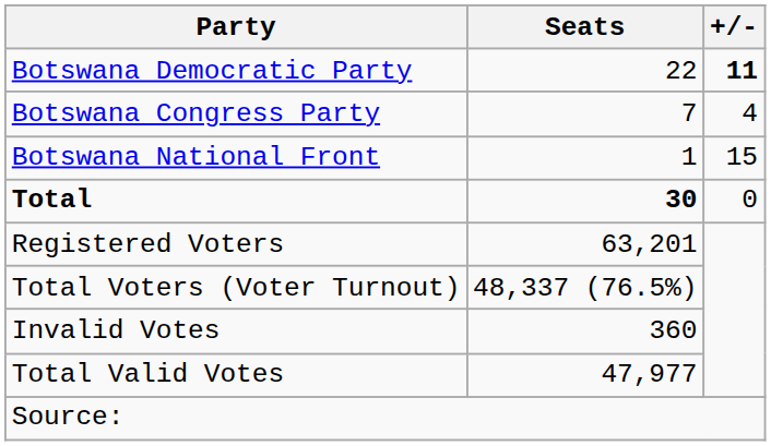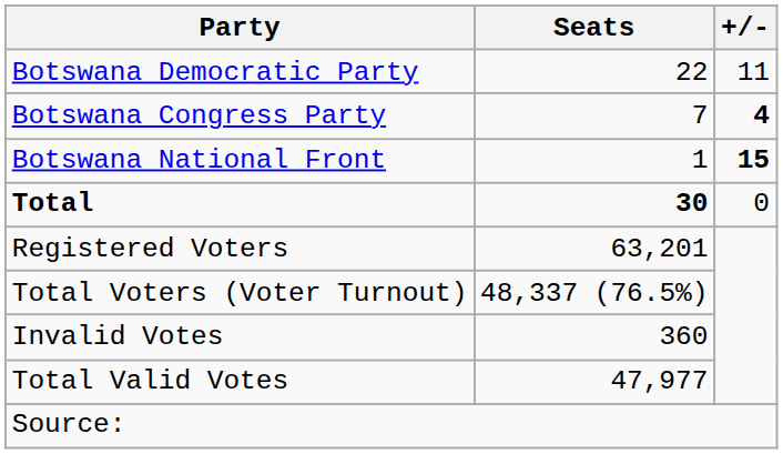 <table class=wikitable style=text-align:right>
 <tr>
 <th>Party</th>
 <th>Seats</th>
 <th>+/-</th>
 </tr>
 <tr>
 <td align=left><a href='#'>Botswana Democratic Party</a></td>
 <td>22</td>
-<td><strong>11</strong></td>
+<td>11</td>
 </tr>
 <tr>
 <td align=left><a href='#'>Botswana Congress Party</a></td>
 <td>7</td>
-<td>4</td>
+<td><strong>4</strong></td>
 </tr>
 <tr>
 <td align=left><a href='#'>Botswana National Front</a></td>
 <td>1</td>
-<td>15</td>
+<td><strong>15</strong></td>
 </tr>
 <tr>
 <td align=left><strong>Total</strong></td>
 <td><strong>30</strong></td>
 <td>0</td>
 </tr>
 <tr>
 <td align=left>Registered Voters</td>
 <td>63,201</td>
 </tr>
 <tr>
 <td align=left>Total Voters (Voter Turnout)</td>
 <td>48,337 (76.5%)</td>
 </tr>
 <tr>
 <td align=left>Invalid Votes</td>
 <td>360</td>
 </tr>
 <tr>
 <td align=left>Total Valid Votes</td>
 <td>47,977</td>
 </tr>
 <tr>
 <td colspan=4 align=left>Source: </td>
 </tr>
 </table>
